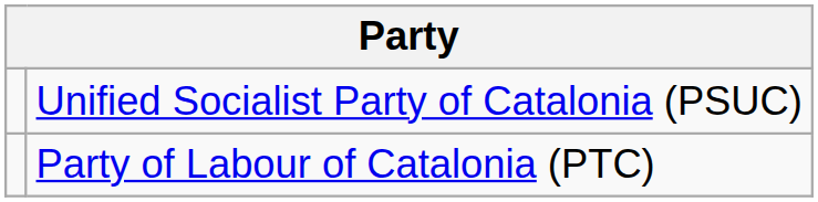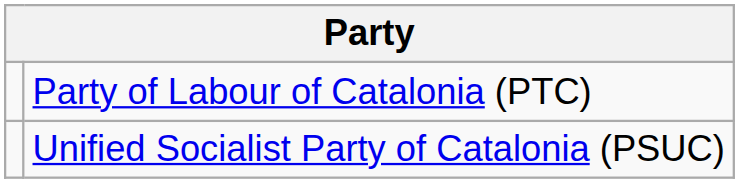 <table class="wikitable" style="text-align:left;">
 <tr>
 <th colspan="2">Party</th>
 </tr>
 <tr>
+<td></td>
+<td><a href='#'>Party of Labour of Catalonia</a> (PTC)</td>
+</tr>
+<tr>
 <td width="1"></td>
 <td><a href='#'>Unified Socialist Party of Catalonia</a> (PSUC)</td>
 </tr>
-<tr>
-<td></td>
-<td><a href='#'>Party of Labour of Catalonia</a> (PTC)</td>
-</tr>
 </table>
